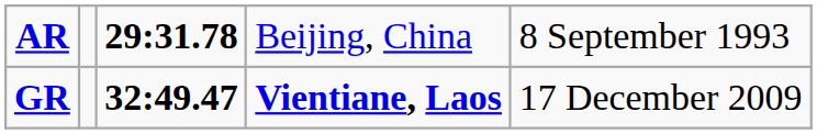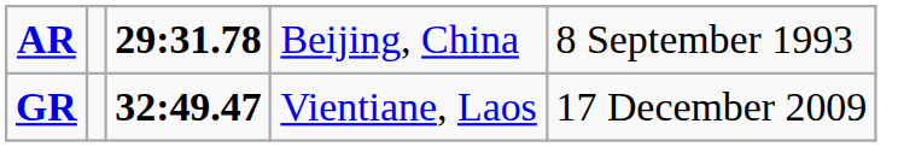 <table class="wikitable" style="font-size:95%; position:relative;">
 <tr>
 <td align=center><strong><a href='#'>AR</a></strong></td>
 <td></td>
 <td><strong>29:31.78</strong></td>
 <td><a href='#'>Beijing</a>, <a href='#'>China</a></td>
 <td>8 September 1993</td>
 </tr>
 <tr>
 <td align=center><strong><a href='#'>GR</a></strong></td>
 <td></td>
 <td><strong>32:49.47</strong></td>
-<td><strong><a href='#'>Vientiane</a>, <a href='#'>Laos</a></strong></td>
+<td><a href='#'>Vientiane</a>, <a href='#'>Laos</a></td>
 <td>17 December 2009</td>
 </tr>
 </table>
